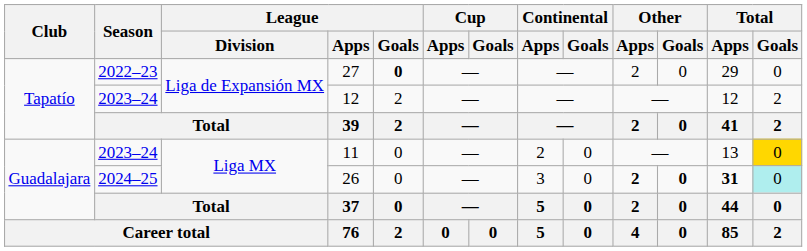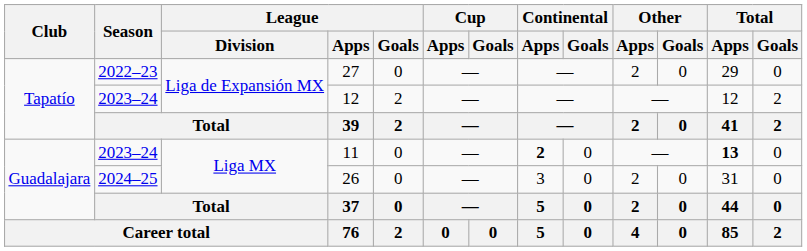 <table class="wikitable" style="text-align:center">
 <tr>
 <th rowspan="2">Club</th>
 <th rowspan="2">Season</th>
 <th colspan="3">League</th>
 <th colspan="2">Cup</th>
 <th colspan="2">Continental</th>
 <th colspan="2">Other</th>
 <th colspan="2">Total</th>
 </tr>
 <tr>
 <th>Division</th>
 <th>Apps</th>
 <th>Goals</th>
 <th>Apps</th>
 <th>Goals</th>
 <th>Apps</th>
 <th>Goals</th>
 <th>Apps</th>
 <th>Goals</th>
 <th>Apps</th>
 <th>Goals</th>
 </tr>
 <tr>
 <td rowspan="3"><a href='#'>Tapatío</a></td>
 <td><a href='#'>2022–23</a></td>
 <td rowspan="2"><a href='#'>Liga de Expansión MX</a></td>
 <td>27</td>
-<td><strong>0</strong></td>
+<td>0</td>
 <td colspan="2">—</td>
 <td colspan="2">—</td>
 <td>2</td>
 <td>0</td>
 <td>29</td>
 <td>0</td>
 </tr>
 <tr>
 <td><a href='#'>2023–24</a></td>
 <td>12</td>
 <td>2</td>
 <td colspan="2">—</td>
 <td colspan="2">—</td>
 <td colspan="2">—</td>
 <td>12</td>
 <td>2</td>
 </tr>
 <tr>
 <th colspan="2">Total</th>
 <th>39</th>
 <th>2</th>
 <th colspan="2">—</th>
 <th colspan="2">—</th>
 <th>2</th>
 <th>0</th>
 <th>41</th>
 <th>2</th>
 </tr>
 <tr>
 <td rowspan="3"><a href='#'>Guadalajara</a></td>
 <td><a href='#'>2023–24</a></td>
 <td rowspan="2"><a href='#'>Liga MX</a></td>
 <td>11</td>
 <td>0</td>
 <td colspan="2">—</td>
-<td>2</td>
+<td><strong>2</strong></td>
 <td>0</td>
 <td colspan="2">—</td>
-<td>13</td>
-<td style="background: gold;">0</td>
+<td><strong>13</strong></td>
+<td>0</td>
 </tr>
 <tr>
 <td><a href='#'>2024–25</a></td>
 <td>26</td>
 <td>0</td>
 <td colspan="2">—</td>
 <td>3</td>
 <td>0</td>
-<td><strong>2</strong></td>
-<td><strong>0</strong></td>
-<td><strong>31</strong></td>
-<td style="background: paleturquoise;">0</td>
+<td>2</td>
+<td>0</td>
+<td>31</td>
+<td>0</td>
 </tr>
 <tr>
 <th colspan="2">Total</th>
 <th>37</th>
 <th>0</th>
 <th colspan="2">—</th>
 <th>5</th>
 <th>0</th>
 <th>2</th>
 <th>0</th>
 <th>44</th>
 <th>0</th>
 </tr>
 <tr>
 <th colspan="3">Career total</th>
 <th>76</th>
 <th>2</th>
 <th>0</th>
 <th>0</th>
 <th>5</th>
 <th>0</th>
 <th>4</th>
 <th>0</th>
 <th>85</th>
 <th>2</th>
 </tr>
 </table>
